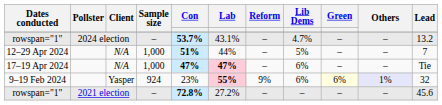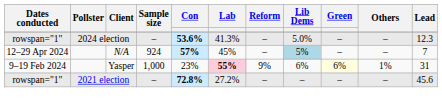 <table class="wikitable sortable mw-datatable" style="text-align:center;font-size:90%;line-height:14px;">
 <tr>
 <th rowspan="2">Dates<br>conducted</th>
 <th rowspan="2">Pollster</th>
 <th rowspan="2">Client</th>
 <th rowspan="2" data-sort-type="number">Sample<br>size</th>
 <th class="unsortable" style="width:50px;"><a href='#'>Con</a></th>
 <th class="unsortable" style="width:50px;"><a href='#'>Lab</a></th>
 <th class="unsortable" style="width:50px;"><a href='#'>Reform</a></th>
 <th class="unsortable" style="width:50px;"><a href='#'>Lib Dems</a></th>
 <th class="unsortable" style="width:50px;"><a href='#'>Green</a></th>
 <th rowspan="2" class="unsortable" style="width:75px;">Others</th>
 <th rowspan="2" data-sort-type="number">Lead</th>
 </tr>
 <tr>
 <th data-sort-type="number" style="background:"></th>
 <th data-sort-type="number" style="background:"></th>
 <th data-sort-type="number" style="background:"></th>
 <th data-sort-type="number" style="background:"></th>
 <th data-sort-type="number" style="background:"></th>
 </tr>
 <tr>
 </tr>
 <tr style="background:#E9E9E9;">
 <td>rowspan="1" </td>
 <td colspan="2" rowspan="1">2024 election</td>
 <td>–</td>
-<td style="background:#CCEBFF;"><strong>53.7%</strong></td>
-<td>43.1%</td>
+<td style="background:#CCEBFF;"><strong>53.6%</strong></td>
+<td>41.3%</td>
 <td>–</td>
-<td>4.7%</td>
+<td>5.0%</td>
 <td>–</td>
 <td>–</td>
-<td style="background:">13.2</td>
+<td style="background:">12.3</td>
 </tr>
 <tr>
 <td>12–29 Apr 2024</td>
 <td></td>
 <td><em>N/A</em></td>
-<td>1,000</td>
-<td style="background:#CCEBFF;"><strong>51%</strong></td>
-<td>44%</td>
+<td>924</td>
+<td style="background:#CCEBFF;"><strong>57%</strong></td>
+<td>45%</td>
 <td>–</td>
-<td>5%</td>
+<td style="background: lightblue;">5%</td>
 <td>–</td>
 <td>–</td>
 <td style="background:">7</td>
 </tr>
 <tr>
-<td>17–19 Apr 2024</td>
-<td></td>
-<td><em>N/A</em></td>
-<td>1,000</td>
-<td style="background:#CCEBFF;"><strong>47%</strong></td>
-<td style="background:#FFCCD9;"><strong>47%</strong></td>
-<td>–</td>
-<td>6%</td>
-<td>–</td>
-<td>–</td>
-<td>Tie</td>
-</tr>
-<tr>
 <td>9–19 Feb 2024</td>
 <td></td>
 <td>Yasper</td>
-<td>924</td>
+<td>1,000</td>
 <td>23%</td>
 <td style="background:#FFCCD9;"><strong>55%</strong></td>
 <td>9%</td>
 <td>6%</td>
 <td style="background: lightyellow;">6%</td>
-<td style="background: lavender;">1%</td>
-<td style="background:">32</td>
+<td>1%</td>
+<td style="background:">31</td>
 </tr>
 <tr style="background:#E9E9E9;">
 <td>rowspan="1" </td>
 <td colspan="2" rowspan="1"><a href='#'>2021 election</a></td>
 <td>–</td>
 <td style="background:#CCEBFF;"><strong>72.8%</strong></td>
 <td>27.2%</td>
 <td>–</td>
 <td>–</td>
 <td>–</td>
 <td>–</td>
 <td style="background:">45.6</td>
 </tr>
 </table>
